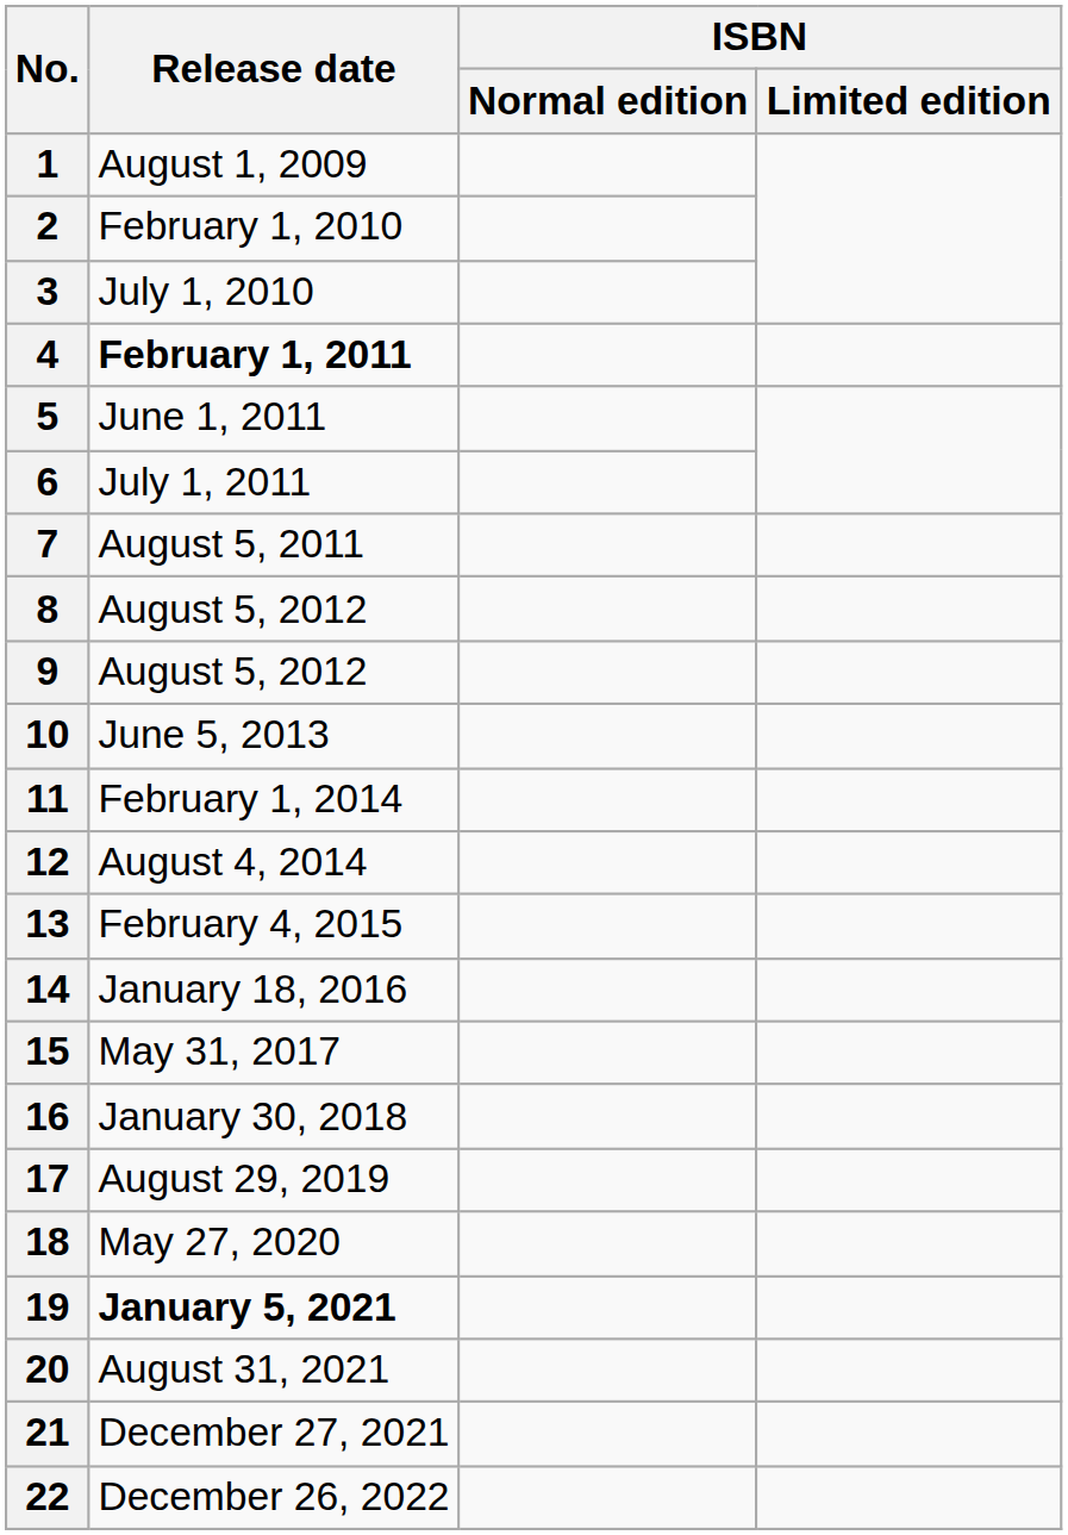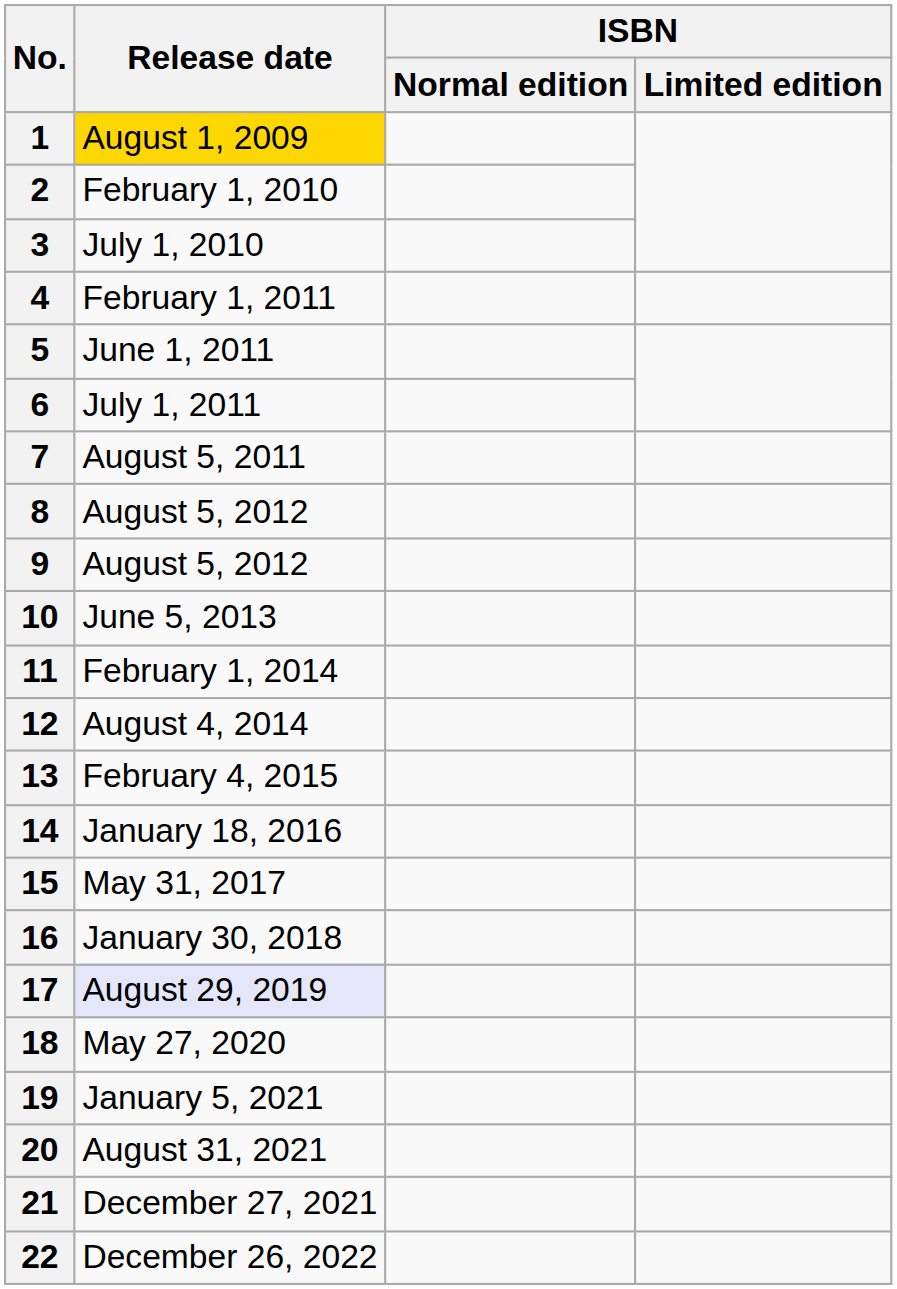 <table class="wikitable">
 <tr>
 <th rowspan="2">No.</th>
 <th rowspan="2">Release date</th>
 <th colspan="2">ISBN</th>
 </tr>
 <tr>
 <th>Normal edition</th>
 <th>Limited edition</th>
 </tr>
 <tr>
 <th>1</th>
-<td>August 1, 2009</td>
+<td style="background: gold;">August 1, 2009</td>
 <td></td>
 <td rowspan="3"></td>
 </tr>
 <tr>
 <th>2</th>
 <td>February 1, 2010</td>
 <td></td>
 </tr>
 <tr>
 <th>3</th>
 <td>July 1, 2010</td>
 <td></td>
 </tr>
 <tr>
 <th>4</th>
-<td><strong>February 1, 2011</strong></td>
+<td>February 1, 2011</td>
 <td></td>
 <td></td>
 </tr>
 <tr>
 <th>5</th>
 <td>June 1, 2011</td>
 <td></td>
 <td rowspan="2"></td>
 </tr>
 <tr>
 <th>6</th>
 <td>July 1, 2011</td>
 <td></td>
 </tr>
 <tr>
 <th>7</th>
 <td>August 5, 2011</td>
 <td></td>
 <td></td>
 </tr>
 <tr>
 <th>8</th>
 <td>August 5, 2012</td>
 <td></td>
 <td></td>
 </tr>
 <tr>
 <th>9</th>
 <td>August 5, 2012</td>
 <td></td>
 <td></td>
 </tr>
 <tr>
 <th>10</th>
 <td>June 5, 2013</td>
 <td></td>
 <td></td>
 </tr>
 <tr>
 <th>11</th>
 <td>February 1, 2014</td>
 <td></td>
 <td></td>
 </tr>
 <tr>
 <th>12</th>
 <td>August 4, 2014</td>
 <td></td>
 <td></td>
 </tr>
 <tr>
 <th>13</th>
 <td>February 4, 2015</td>
 <td></td>
 <td></td>
 </tr>
 <tr>
 <th>14</th>
 <td>January 18, 2016</td>
 <td></td>
 <td></td>
 </tr>
 <tr>
 <th>15</th>
 <td>May 31, 2017</td>
 <td></td>
 <td></td>
 </tr>
 <tr>
 <th>16</th>
 <td>January 30, 2018</td>
 <td></td>
 <td></td>
 </tr>
 <tr>
 <th>17</th>
-<td>August 29, 2019</td>
+<td style="background: lavender;">August 29, 2019</td>
 <td></td>
 <td></td>
 </tr>
 <tr>
 <th>18</th>
 <td>May 27, 2020</td>
 <td></td>
 <td></td>
 </tr>
 <tr>
 <th>19</th>
-<td><strong>January 5, 2021</strong></td>
+<td>January 5, 2021</td>
 <td></td>
 <td></td>
 </tr>
 <tr>
 <th>20</th>
 <td>August 31, 2021</td>
 <td></td>
 <td></td>
 </tr>
 <tr>
 <th>21</th>
 <td>December 27, 2021</td>
 <td></td>
 <td></td>
 </tr>
 <tr>
 <th>22</th>
 <td>December 26, 2022</td>
 <td></td>
 <td></td>
 </tr>
 </table>
